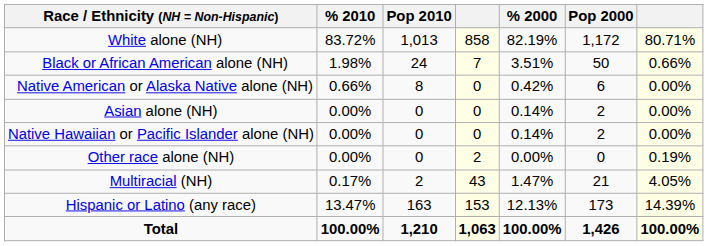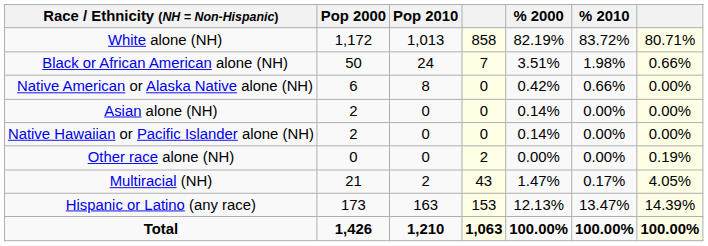 <table class="wikitable" style="text-align:center;">
 <tr>
 <th>Race / Ethnicity <small>(<em>NH = Non-Hispanic</em>)</small></th>
-<th>% 2010</th>
+<th>Pop 2000</th>
 <th>Pop 2010</th>
 <th></th>
 <th>% 2000</th>
-<th>Pop 2000</th>
+<th>% 2010</th>
 <th></th>
 </tr>
 <tr>
 <td>  <a href='#'>White</a> alone (NH)</td>
-<td>83.72%</td>
+<td>1,172</td>
 <td>1,013</td>
 <td style='background: #ffffe6;'>858</td>
 <td>82.19%</td>
-<td>1,172</td>
+<td>83.72%</td>
 <td style='background: #ffffe6;'>80.71%</td>
 </tr>
 <tr>
 <td>  <a href='#'>Black or African American</a> alone (NH)</td>
-<td>1.98%</td>
+<td>50</td>
 <td>24</td>
 <td style='background: #ffffe6;'>7</td>
 <td>3.51%</td>
-<td>50</td>
+<td>1.98%</td>
 <td style='background: #ffffe6;'>0.66%</td>
 </tr>
 <tr>
 <td>  <a href='#'>Native American</a> or <a href='#'>Alaska Native</a> alone (NH)</td>
-<td>0.66%</td>
+<td>6</td>
 <td>8</td>
 <td style='background: #ffffe6;'>0</td>
 <td>0.42%</td>
-<td>6</td>
+<td>0.66%</td>
 <td style='background: #ffffe6;'>0.00%</td>
 </tr>
 <tr>
 <td><a href='#'>Asian</a> alone (NH)</td>
-<td>0.00%</td>
+<td>2</td>
 <td>0</td>
 <td style='background: #ffffe6;'>0</td>
 <td>0.14%</td>
-<td>2</td>
+<td>0.00%</td>
 <td style='background: #ffffe6;'>0.00%</td>
 </tr>
 <tr>
 <td><a href='#'>Native Hawaiian</a> or <a href='#'>Pacific Islander</a> alone (NH)</td>
-<td>0.00%</td>
+<td>2</td>
 <td>0</td>
 <td style='background: #ffffe6;'>0</td>
 <td>0.14%</td>
-<td>2</td>
+<td>0.00%</td>
 <td style='background: #ffffe6;'>0.00%</td>
 </tr>
 <tr>
 <td><a href='#'>Other race</a> alone (NH)</td>
-<td>0.00%</td>
+<td>0</td>
 <td>0</td>
 <td style='background: #ffffe6;'>2</td>
 <td>0.00%</td>
-<td>0</td>
+<td>0.00%</td>
 <td style='background: #ffffe6;'>0.19%</td>
 </tr>
 <tr>
 <td><a href='#'>Multiracial</a> (NH)</td>
-<td>0.17%</td>
+<td>21</td>
 <td>2</td>
 <td style='background: #ffffe6;'>43</td>
 <td>1.47%</td>
-<td>21</td>
+<td>0.17%</td>
 <td style='background: #ffffe6;'>4.05%</td>
 </tr>
 <tr>
 <td><a href='#'>Hispanic or Latino</a> (any race)</td>
-<td>13.47%</td>
+<td>173</td>
 <td>163</td>
 <td style='background: #ffffe6;'>153</td>
 <td>12.13%</td>
-<td>173</td>
+<td>13.47%</td>
 <td style='background: #ffffe6;'>14.39%</td>
 </tr>
 <tr>
 <td><strong>Total</strong></td>
-<td><strong>100.00%</strong></td>
+<td><strong>1,426</strong></td>
 <td><strong>1,210</strong></td>
 <td style='background: #ffffe6;'><strong>1,063</strong></td>
 <td><strong>100.00%</strong></td>
-<td><strong>1,426</strong></td>
+<td><strong>100.00%</strong></td>
 <td style='background: #ffffe6;'><strong>100.00%</strong></td>
 </tr>
 </table>
